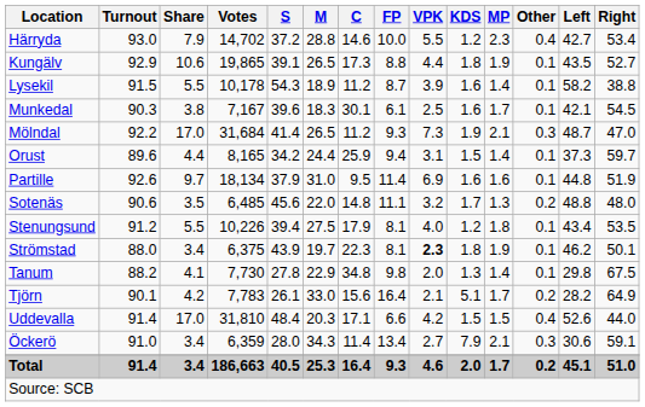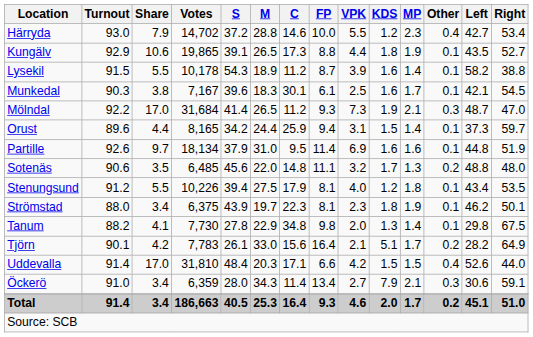 <table class="wikitable sortable" style=text-align:right>
 <tr>
 <th>Location</th>
 <th>Turnout</th>
 <th>Share</th>
 <th>Votes</th>
 <th><a href='#'>S</a></th>
 <th><a href='#'>M</a></th>
 <th><a href='#'>C</a></th>
 <th><a href='#'>FP</a></th>
 <th><a href='#'>VPK</a></th>
 <th><a href='#'>KDS</a></th>
 <th><a href='#'>MP</a></th>
 <th>Other</th>
 <th>Left</th>
 <th>Right</th>
 </tr>
 <tr>
 <td align=left><a href='#'>Härryda</a></td>
 <td>93.0</td>
 <td>7.9</td>
 <td>14,702</td>
 <td>37.2</td>
 <td>28.8</td>
 <td>14.6</td>
 <td>10.0</td>
 <td>5.5</td>
 <td>1.2</td>
 <td>2.3</td>
 <td>0.4</td>
 <td>42.7</td>
 <td>53.4</td>
 </tr>
 <tr>
 <td align=left><a href='#'>Kungälv</a></td>
 <td>92.9</td>
 <td>10.6</td>
 <td>19,865</td>
 <td>39.1</td>
 <td>26.5</td>
 <td>17.3</td>
 <td>8.8</td>
 <td>4.4</td>
 <td>1.8</td>
 <td>1.9</td>
 <td>0.1</td>
 <td>43.5</td>
 <td>52.7</td>
 </tr>
 <tr>
 <td align=left><a href='#'>Lysekil</a></td>
 <td>91.5</td>
 <td>5.5</td>
 <td>10,178</td>
 <td>54.3</td>
 <td>18.9</td>
 <td>11.2</td>
 <td>8.7</td>
 <td>3.9</td>
 <td>1.6</td>
 <td>1.4</td>
 <td>0.1</td>
 <td>58.2</td>
 <td>38.8</td>
 </tr>
 <tr>
 <td align=left><a href='#'>Munkedal</a></td>
 <td>90.3</td>
 <td>3.8</td>
 <td>7,167</td>
 <td>39.6</td>
 <td>18.3</td>
 <td>30.1</td>
 <td>6.1</td>
 <td>2.5</td>
 <td>1.6</td>
 <td>1.7</td>
 <td>0.1</td>
 <td>42.1</td>
 <td>54.5</td>
 </tr>
 <tr>
 <td align=left><a href='#'>Mölndal</a></td>
 <td>92.2</td>
 <td>17.0</td>
 <td>31,684</td>
 <td>41.4</td>
 <td>26.5</td>
 <td>11.2</td>
 <td>9.3</td>
 <td>7.3</td>
 <td>1.9</td>
 <td>2.1</td>
 <td>0.3</td>
 <td>48.7</td>
 <td>47.0</td>
 </tr>
 <tr>
 <td align=left><a href='#'>Orust</a></td>
 <td>89.6</td>
 <td>4.4</td>
 <td>8,165</td>
 <td>34.2</td>
 <td>24.4</td>
 <td>25.9</td>
 <td>9.4</td>
 <td>3.1</td>
 <td>1.5</td>
 <td>1.4</td>
 <td>0.1</td>
 <td>37.3</td>
 <td>59.7</td>
 </tr>
 <tr>
 <td align=left><a href='#'>Partille</a></td>
 <td>92.6</td>
 <td>9.7</td>
 <td>18,134</td>
 <td>37.9</td>
 <td>31.0</td>
 <td>9.5</td>
 <td>11.4</td>
 <td>6.9</td>
 <td>1.6</td>
 <td>1.6</td>
 <td>0.1</td>
 <td>44.8</td>
 <td>51.9</td>
 </tr>
 <tr>
 <td align=left><a href='#'>Sotenäs</a></td>
 <td>90.6</td>
 <td>3.5</td>
 <td>6,485</td>
 <td>45.6</td>
 <td>22.0</td>
 <td>14.8</td>
 <td>11.1</td>
 <td>3.2</td>
 <td>1.7</td>
 <td>1.3</td>
 <td>0.2</td>
 <td>48.8</td>
 <td>48.0</td>
 </tr>
 <tr>
 <td align=left><a href='#'>Stenungsund</a></td>
 <td>91.2</td>
 <td>5.5</td>
 <td>10,226</td>
 <td>39.4</td>
 <td>27.5</td>
 <td>17.9</td>
 <td>8.1</td>
 <td>4.0</td>
 <td>1.2</td>
 <td>1.8</td>
 <td>0.1</td>
 <td>43.4</td>
 <td>53.5</td>
 </tr>
 <tr>
 <td align=left><a href='#'>Strömstad</a></td>
 <td>88.0</td>
 <td>3.4</td>
 <td>6,375</td>
 <td>43.9</td>
 <td>19.7</td>
 <td>22.3</td>
 <td>8.1</td>
-<td><strong>2.3</strong></td>
+<td>2.3</td>
 <td>1.8</td>
 <td>1.9</td>
 <td>0.1</td>
 <td>46.2</td>
 <td>50.1</td>
 </tr>
 <tr>
 <td align=left><a href='#'>Tanum</a></td>
 <td>88.2</td>
 <td>4.1</td>
 <td>7,730</td>
 <td>27.8</td>
 <td>22.9</td>
 <td>34.8</td>
 <td>9.8</td>
 <td>2.0</td>
 <td>1.3</td>
 <td>1.4</td>
 <td>0.1</td>
 <td>29.8</td>
 <td>67.5</td>
 </tr>
 <tr>
 <td align=left><a href='#'>Tjörn</a></td>
 <td>90.1</td>
 <td>4.2</td>
 <td>7,783</td>
 <td>26.1</td>
 <td>33.0</td>
 <td>15.6</td>
 <td>16.4</td>
 <td>2.1</td>
 <td>5.1</td>
 <td>1.7</td>
 <td>0.2</td>
 <td>28.2</td>
 <td>64.9</td>
 </tr>
 <tr>
 <td align=left><a href='#'>Uddevalla</a></td>
 <td>91.4</td>
 <td>17.0</td>
 <td>31,810</td>
 <td>48.4</td>
 <td>20.3</td>
 <td>17.1</td>
 <td>6.6</td>
 <td>4.2</td>
 <td>1.5</td>
 <td>1.5</td>
 <td>0.4</td>
 <td>52.6</td>
 <td>44.0</td>
 </tr>
 <tr>
 <td align=left><a href='#'>Öckerö</a></td>
 <td>91.0</td>
 <td>3.4</td>
 <td>6,359</td>
 <td>28.0</td>
 <td>34.3</td>
 <td>11.4</td>
 <td>13.4</td>
 <td>2.7</td>
 <td>7.9</td>
 <td>2.1</td>
 <td>0.3</td>
 <td>30.6</td>
 <td>59.1</td>
 </tr>
 <tr>
 </tr>
 <tr style="background:#CDCDCD;">
 <td align=left><strong>Total</strong></td>
 <td><strong>91.4</strong></td>
 <td><strong>3.4</strong></td>
 <td><strong>186,663</strong></td>
 <td><strong>40.5</strong></td>
 <td><strong>25.3</strong></td>
 <td><strong>16.4</strong></td>
 <td><strong>9.3</strong></td>
 <td><strong>4.6</strong></td>
 <td><strong>2.0</strong></td>
 <td><strong>1.7</strong></td>
 <td><strong>0.2</strong></td>
 <td><strong>45.1</strong></td>
 <td><strong>51.0</strong></td>
 </tr>
 <tr>
 <td align=left colspan=14>Source: SCB </td>
 </tr>
 </table>
